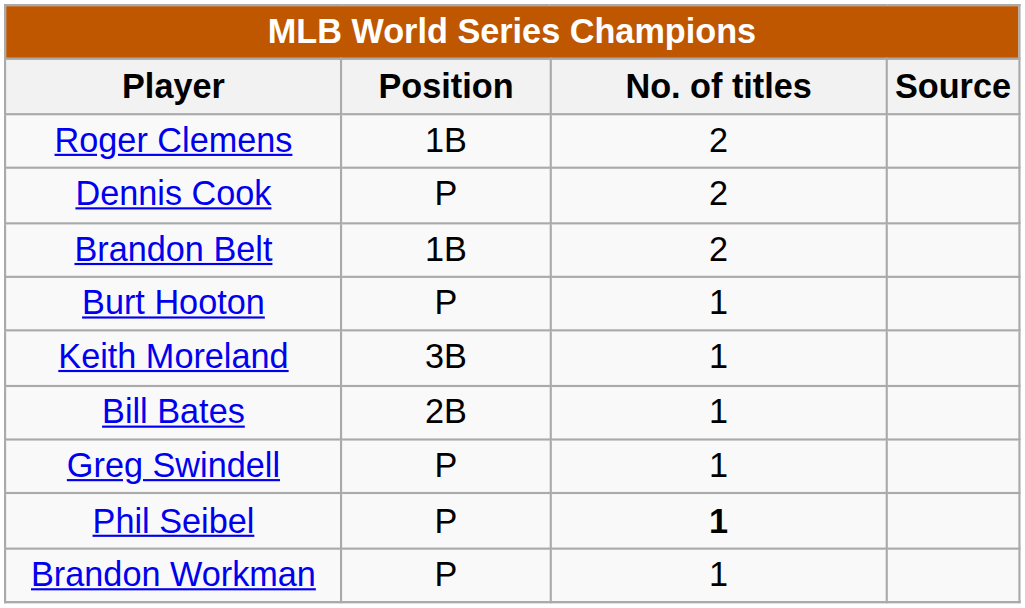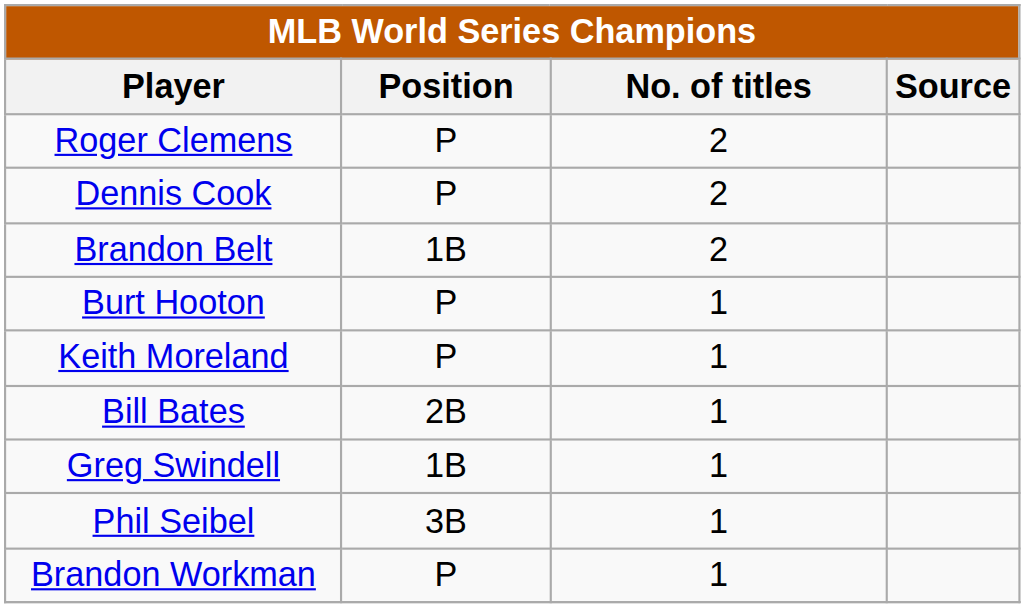 <table class="wikitable" style="text-align:center">
 <tr>
 <td colspan="5" style= "background: #BF5700; color:white"><strong>MLB World Series Champions</strong></td>
 </tr>
 <tr>
 <th style="width:150px; ">Player</th>
 <th style="width:90px; ">Position</th>
 <th style="width:150px; ">No. of titles</th>
 <th style="width:50px; ">Source</th>
 </tr>
 <tr>
 <td><a href='#'>Roger Clemens</a></td>
-<td>1B</td>
+<td>P</td>
 <td>2</td>
 <td></td>
 </tr>
 <tr>
 <td><a href='#'>Dennis Cook</a></td>
 <td>P</td>
 <td>2</td>
 <td></td>
 </tr>
 <tr>
 <td><a href='#'>Brandon Belt</a></td>
 <td>1B</td>
 <td>2</td>
 <td></td>
 </tr>
 <tr>
 <td><a href='#'>Burt Hooton</a></td>
 <td>P</td>
 <td>1</td>
 <td></td>
 </tr>
 <tr>
 <td><a href='#'>Keith Moreland</a></td>
-<td>3B</td>
+<td>P</td>
 <td>1</td>
 <td></td>
 </tr>
 <tr>
 <td><a href='#'>Bill Bates</a></td>
 <td>2B</td>
 <td>1</td>
 <td></td>
 </tr>
 <tr>
 <td><a href='#'>Greg Swindell</a></td>
-<td>P</td>
+<td>1B</td>
 <td>1</td>
 <td></td>
 </tr>
 <tr>
 <td><a href='#'>Phil Seibel</a></td>
-<td>P</td>
-<td><strong>1</strong></td>
+<td>3B</td>
+<td>1</td>
 <td></td>
 </tr>
 <tr>
 <td><a href='#'>Brandon Workman</a></td>
 <td>P</td>
 <td>1</td>
 <td></td>
 </tr>
 <tr>
 </tr>
 </table>
